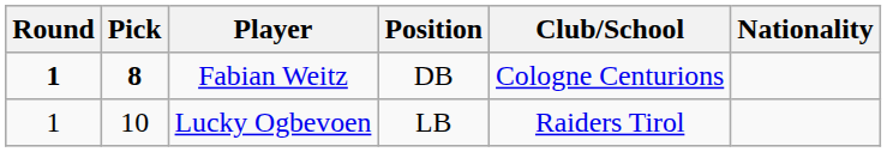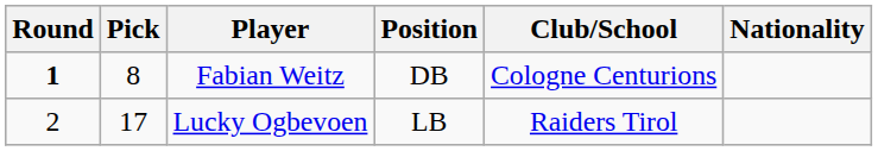 <table class="wikitable" style="font-size: 95%;">
 <tr>
 <th scope="col">Round</th>
 <th scope="col">Pick</th>
 <th scope="col">Player</th>
 <th scope="col">Position</th>
 <th scope="col">Club/School</th>
 <th scope="col">Nationality</th>
 </tr>
 <tr align="center">
 <td align=center><strong>1</strong></td>
-<td><strong>8</strong></td>
+<td>8</td>
 <td><a href='#'>Fabian Weitz</a></td>
 <td>DB</td>
 <td><a href='#'>Cologne Centurions</a></td>
 <td></td>
 </tr>
 <tr align="center">
-<td align=center>1</td>
-<td>10</td>
+<td align=center>2</td>
+<td>17</td>
 <td><a href='#'>Lucky Ogbevoen</a></td>
 <td>LB</td>
 <td><a href='#'>Raiders Tirol</a></td>
 <td></td>
 </tr>
 </table>
